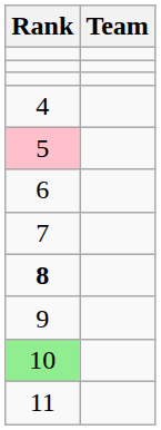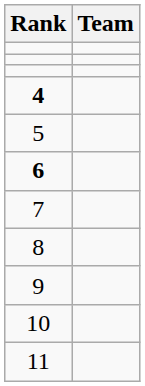 <table class=wikitable style="text-align:center">
 <tr>
 <th>Rank</th>
 <th>Team</th>
 </tr>
 <tr>
 <td></td>
 <td align=left></td>
 </tr>
 <tr>
 <td></td>
 <td align=left></td>
 </tr>
 <tr>
 <td></td>
 <td align=left></td>
 </tr>
 <tr>
-<td>4</td>
+<td><strong>4</strong></td>
 <td align=left></td>
 </tr>
 <tr>
-<td style="background: pink;">5</td>
+<td>5</td>
 <td align=left></td>
 </tr>
 <tr>
-<td>6</td>
+<td><strong>6</strong></td>
 <td align=left></td>
 </tr>
 <tr>
 <td>7</td>
 <td align=left></td>
 </tr>
 <tr>
-<td><strong>8</strong></td>
+<td>8</td>
 <td align=left></td>
 </tr>
 <tr>
 <td>9</td>
 <td align=left></td>
 </tr>
 <tr>
-<td style="background: lightgreen;">10</td>
+<td>10</td>
 <td align=left></td>
 </tr>
 <tr>
 <td>11</td>
 <td align=left></td>
 </tr>
 </table>
